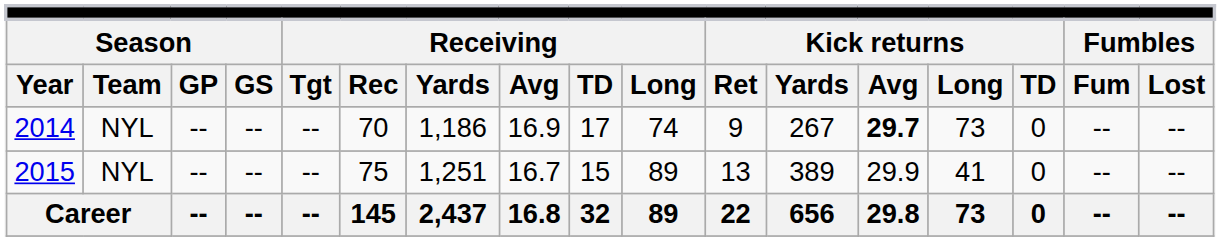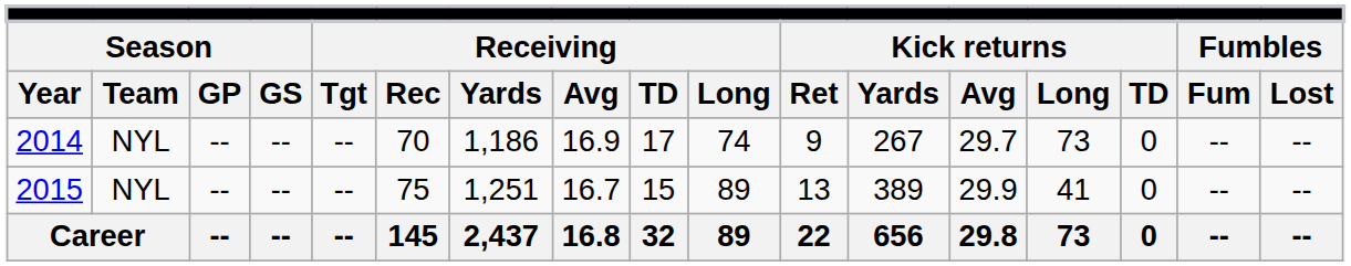 <table class= "wikitable" float="left" border="1" style="text-align:center; width:45%;">
 <tr>
 <td ! colspan="22" style="background: #000000; border: 2px solid #C5C7CF; color: #FFFFFF;"></td>
 </tr>
 <tr>
 <th colspan=4>Season</th>
 <th colspan=6>Receiving</th>
 <th colspan=5>Kick returns</th>
 <th colspan=2>Fumbles</th>
 </tr>
 <tr>
 <th>Year</th>
 <th>Team</th>
 <th>GP</th>
 <th>GS</th>
 <th>Tgt</th>
 <th>Rec</th>
 <th>Yards</th>
 <th>Avg</th>
 <th>TD</th>
 <th>Long</th>
 <th>Ret</th>
 <th>Yards</th>
 <th>Avg</th>
 <th>Long</th>
 <th>TD</th>
 <th>Fum</th>
 <th>Lost</th>
 </tr>
 <tr>
 <td><a href='#'>2014</a></td>
 <td>NYL</td>
 <td>--</td>
 <td>--</td>
 <td>--</td>
 <td>70</td>
 <td>1,186</td>
 <td>16.9</td>
 <td>17</td>
 <td>74</td>
 <td>9</td>
 <td>267</td>
-<td><strong>29.7</strong></td>
+<td>29.7</td>
 <td>73</td>
 <td>0</td>
 <td>--</td>
 <td>--</td>
 </tr>
 <tr>
 <td><a href='#'>2015</a></td>
 <td>NYL</td>
 <td>--</td>
 <td>--</td>
 <td>--</td>
 <td>75</td>
 <td>1,251</td>
 <td>16.7</td>
 <td>15</td>
 <td>89</td>
 <td>13</td>
 <td>389</td>
 <td>29.9</td>
 <td>41</td>
 <td>0</td>
 <td>--</td>
 <td>--</td>
 </tr>
 <tr>
 <th colspan="2">Career</th>
 <th>--</th>
 <th>--</th>
 <th>--</th>
 <th>145</th>
 <th>2,437</th>
 <th>16.8</th>
 <th>32</th>
 <th>89</th>
 <th>22</th>
 <th>656</th>
 <th>29.8</th>
 <th>73</th>
 <th>0</th>
 <th>--</th>
 <th>--</th>
 </tr>
 </table>
